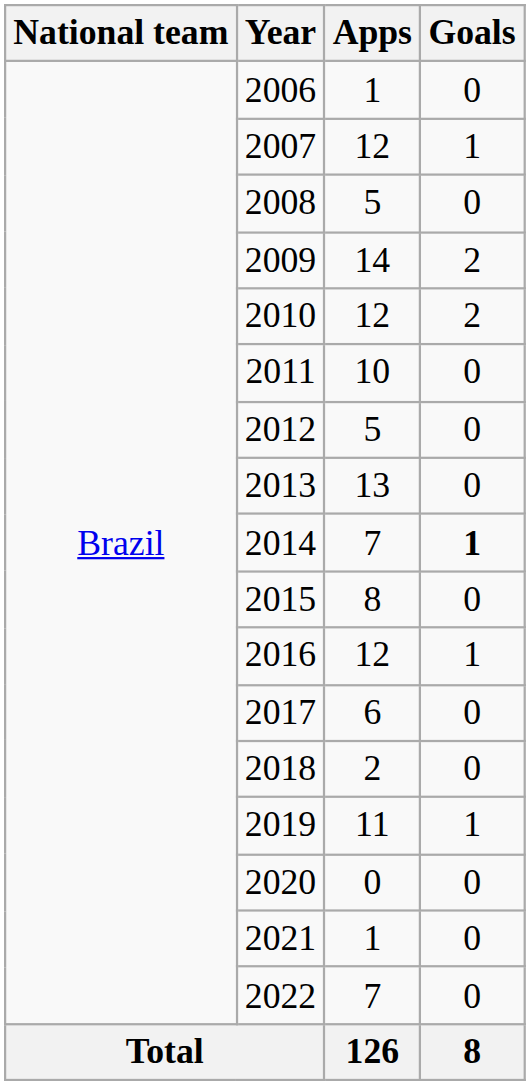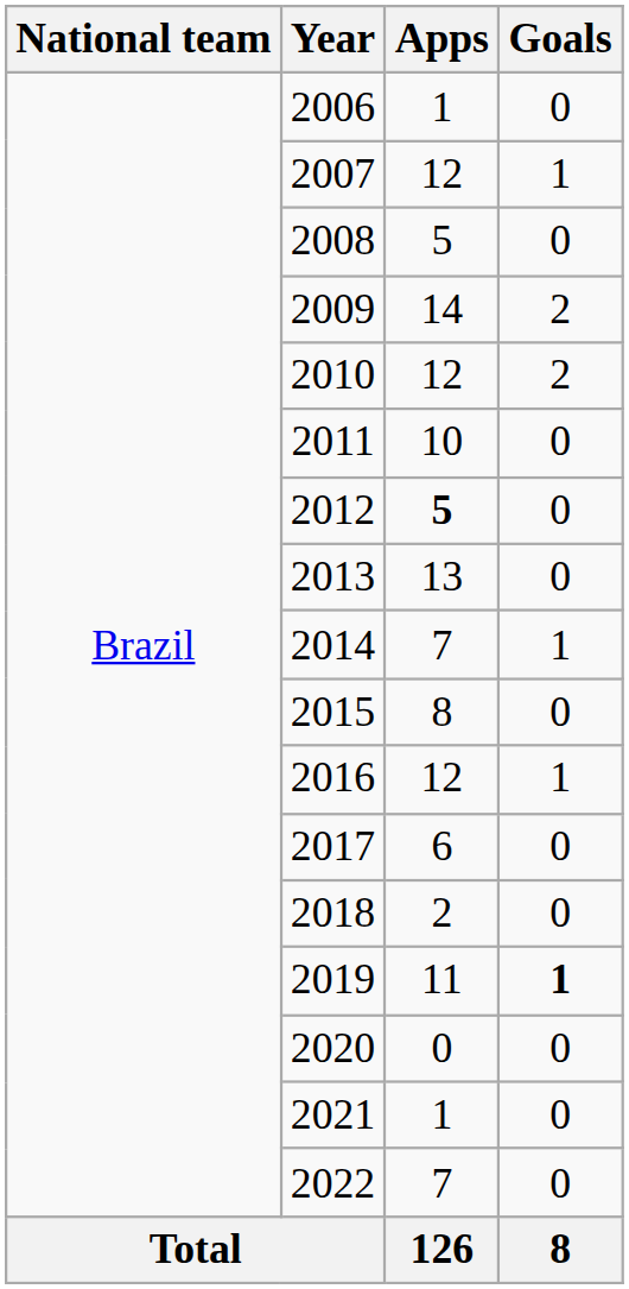 <table class="wikitable" style="text-align:center">
 <tr>
 <th>National team</th>
 <th>Year</th>
 <th>Apps</th>
 <th>Goals</th>
 </tr>
 <tr>
 <td rowspan=17><a href='#'>Brazil</a></td>
 <td>2006</td>
 <td>1</td>
 <td>0</td>
 </tr>
 <tr>
 <td>2007</td>
 <td>12</td>
 <td>1</td>
 </tr>
 <tr>
 <td>2008</td>
 <td>5</td>
 <td>0</td>
 </tr>
 <tr>
 <td>2009</td>
 <td>14</td>
 <td>2</td>
 </tr>
 <tr>
 <td>2010</td>
 <td>12</td>
 <td>2</td>
 </tr>
 <tr>
 <td>2011</td>
 <td>10</td>
 <td>0</td>
 </tr>
 <tr>
 <td>2012</td>
-<td>5</td>
+<td><strong>5</strong></td>
 <td>0</td>
 </tr>
 <tr>
 <td>2013</td>
 <td>13</td>
 <td>0</td>
 </tr>
 <tr>
 <td>2014</td>
 <td>7</td>
-<td><strong>1</strong></td>
+<td>1</td>
 </tr>
 <tr>
 <td>2015</td>
 <td>8</td>
 <td>0</td>
 </tr>
 <tr>
 <td>2016</td>
 <td>12</td>
 <td>1</td>
 </tr>
 <tr>
 <td>2017</td>
 <td>6</td>
 <td>0</td>
 </tr>
 <tr>
 <td>2018</td>
 <td>2</td>
 <td>0</td>
 </tr>
 <tr>
 <td>2019</td>
 <td>11</td>
-<td>1</td>
+<td><strong>1</strong></td>
 </tr>
 <tr>
 <td>2020</td>
 <td>0</td>
 <td>0</td>
 </tr>
 <tr>
 <td>2021</td>
 <td>1</td>
 <td>0</td>
 </tr>
 <tr>
 <td>2022</td>
 <td>7</td>
 <td>0</td>
 </tr>
 <tr>
 <th colspan=2>Total</th>
 <th>126</th>
 <th>8</th>
 </tr>
 </table>
